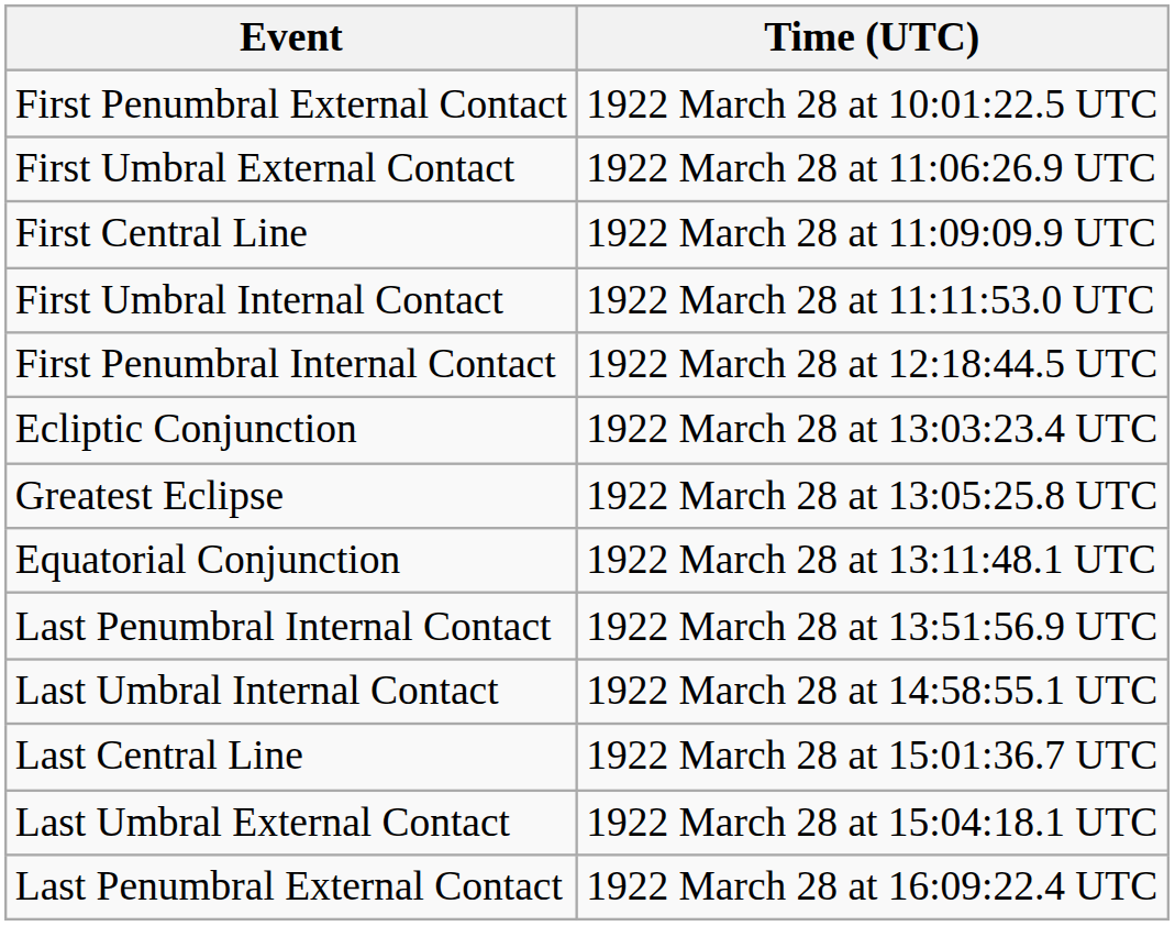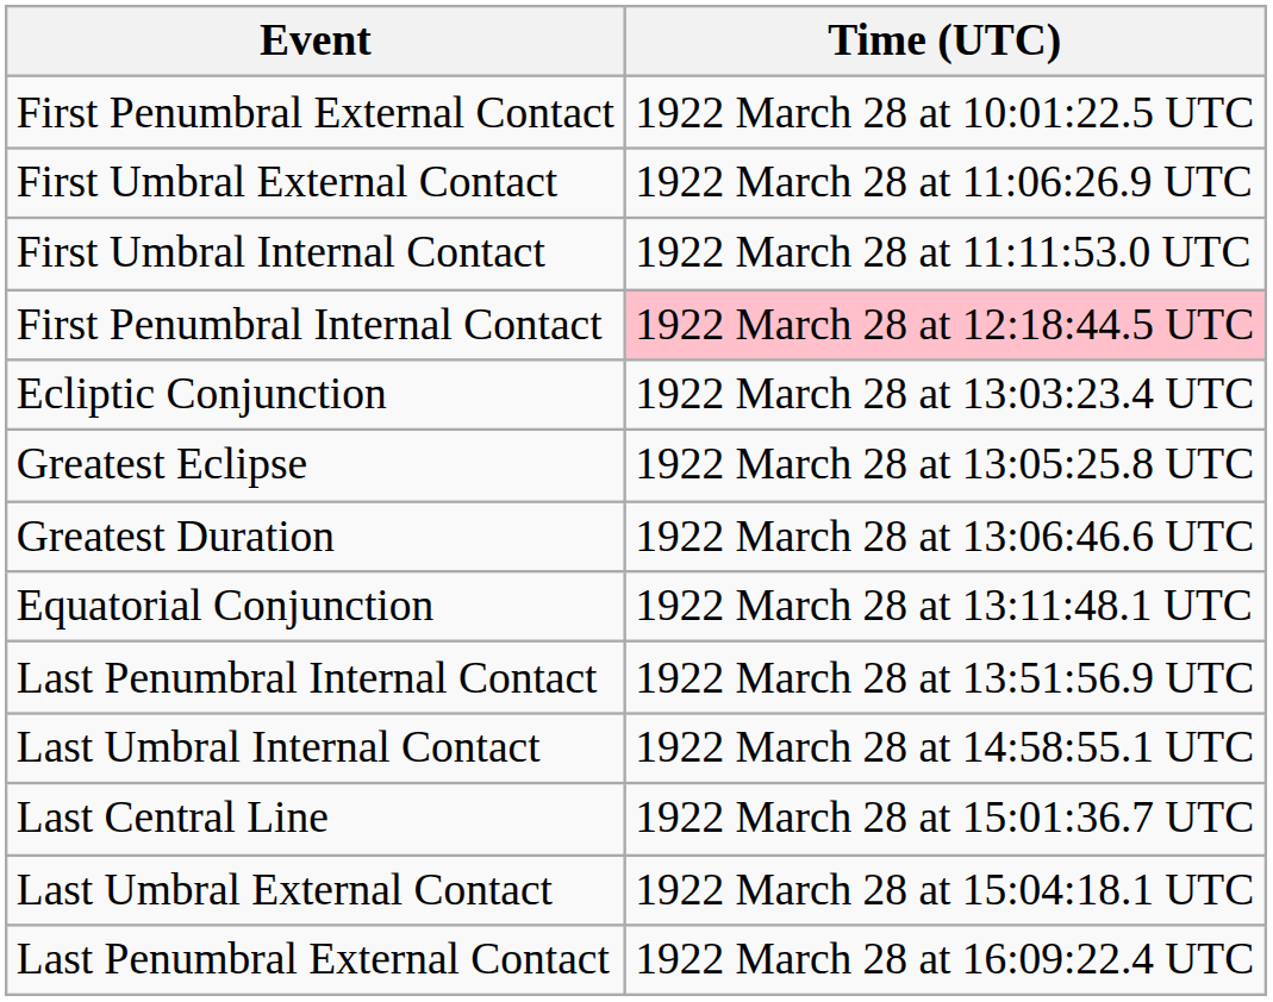 <table class="wikitable">
 <tr>
 <th>Event</th>
 <th>Time (UTC)</th>
 </tr>
 <tr>
 <td>First Penumbral External Contact</td>
 <td>1922 March 28 at 10:01:22.5 UTC</td>
 </tr>
 <tr>
 <td>First Umbral External Contact</td>
 <td>1922 March 28 at 11:06:26.9 UTC</td>
 </tr>
 <tr>
-<td>First Central Line</td>
-<td>1922 March 28 at 11:09:09.9 UTC</td>
-</tr>
-<tr>
 <td>First Umbral Internal Contact</td>
 <td>1922 March 28 at 11:11:53.0 UTC</td>
 </tr>
 <tr>
 <td>First Penumbral Internal Contact</td>
-<td>1922 March 28 at 12:18:44.5 UTC</td>
+<td style="background: pink;">1922 March 28 at 12:18:44.5 UTC</td>
 </tr>
 <tr>
 <td>Ecliptic Conjunction</td>
 <td>1922 March 28 at 13:03:23.4 UTC</td>
 </tr>
 <tr>
 <td>Greatest Eclipse</td>
 <td>1922 March 28 at 13:05:25.8 UTC</td>
+</tr>
+<tr>
+<td>Greatest Duration</td>
+<td>1922 March 28 at 13:06:46.6 UTC</td>
 </tr>
 <tr>
 <td>Equatorial Conjunction</td>
 <td>1922 March 28 at 13:11:48.1 UTC</td>
 </tr>
 <tr>
 <td>Last Penumbral Internal Contact</td>
 <td>1922 March 28 at 13:51:56.9 UTC</td>
 </tr>
 <tr>
 <td>Last Umbral Internal Contact</td>
 <td>1922 March 28 at 14:58:55.1 UTC</td>
 </tr>
 <tr>
 <td>Last Central Line</td>
 <td>1922 March 28 at 15:01:36.7 UTC</td>
 </tr>
 <tr>
 <td>Last Umbral External Contact</td>
 <td>1922 March 28 at 15:04:18.1 UTC</td>
 </tr>
 <tr>
 <td>Last Penumbral External Contact</td>
 <td>1922 March 28 at 16:09:22.4 UTC</td>
 </tr>
 </table>
